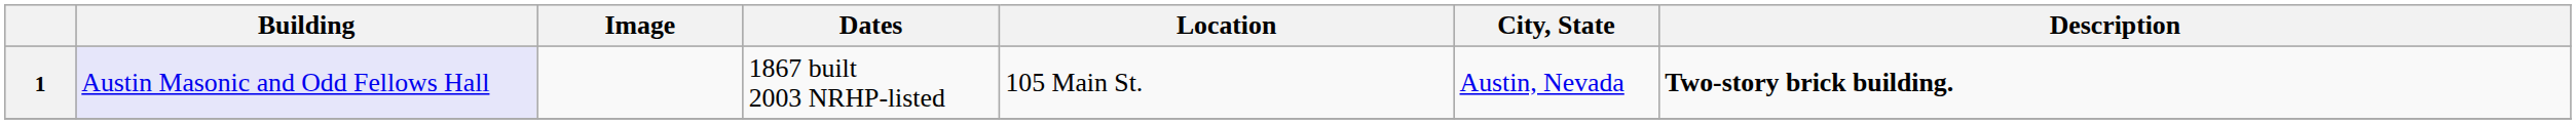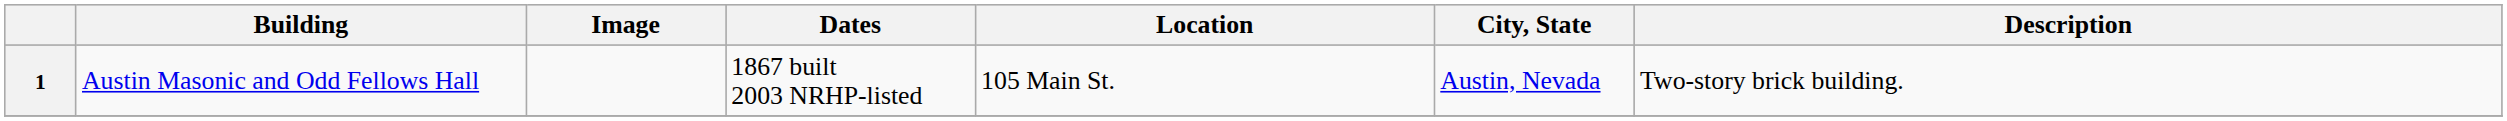 <table class="wikitable sortable" style="width:98%">
 <tr>
 <th></th>
 <th width = 18%><strong>Building</strong></th>
 <th width = 8% class="unsortable"><strong>Image</strong></th>
 <th width = 10%><strong>Dates</strong></th>
 <th><strong>Location</strong></th>
 <th width = 8%><strong>City, State</strong></th>
 <th class="unsortable"><strong>Description</strong></th>
 </tr>
 <tr ->
 <th><small>1</small></th>
-<td style="background: lavender;"><a href='#'>Austin Masonic and Odd Fellows Hall</a></td>
+<td><a href='#'>Austin Masonic and Odd Fellows Hall</a></td>
 <td></td>
 <td>1867 built<br>2003 NRHP-listed</td>
 <td>105 Main St.<br><small></small></td>
 <td><a href='#'>Austin, Nevada</a></td>
-<td><strong>Two-story brick building.</strong></td>
+<td>Two-story brick building.</td>
 </tr>
 <tr ->
 </tr>
 </table>
